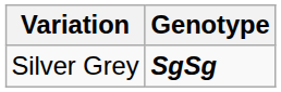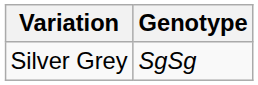 <table class="wikitable" style="margin:1em auto;">
 <tr>
 <th>Variation</th>
 <th>Genotype</th>
 </tr>
 <tr>
 <td>Silver Grey</td>
-<td><strong><em>SgSg</em></strong></td>
+<td><em>SgSg</em></td>
 </tr>
 </table>
